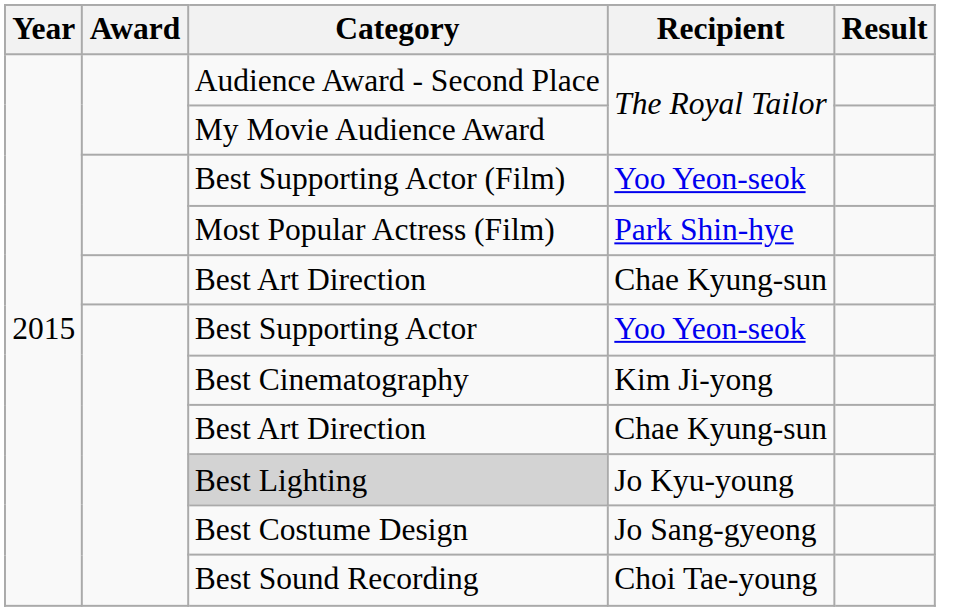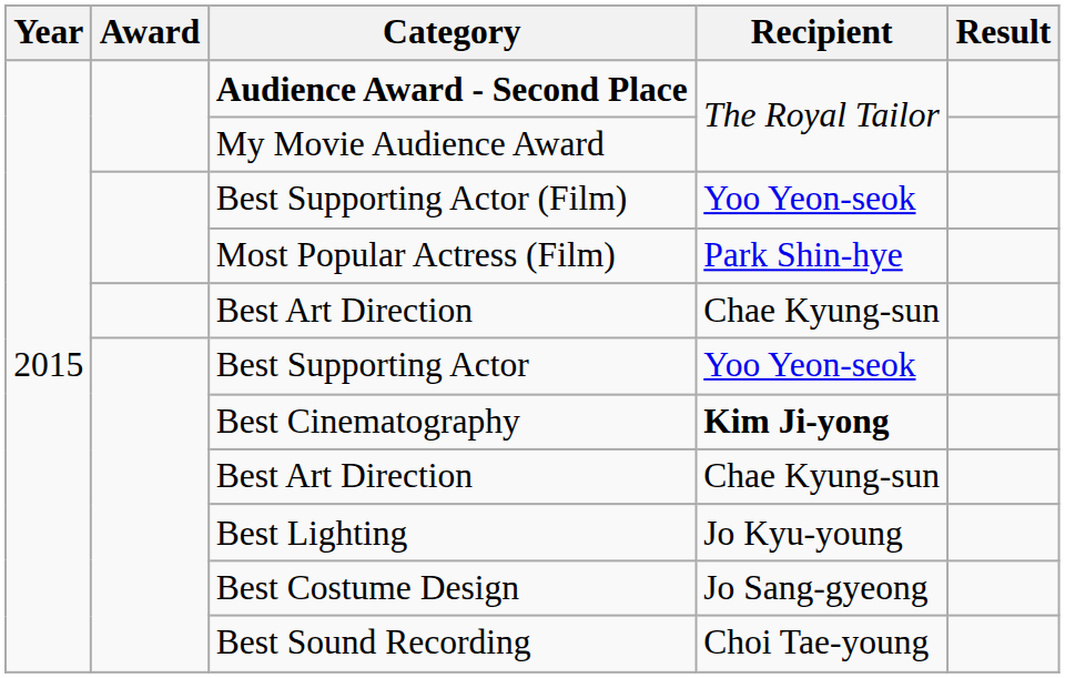 <table class="wikitable">
 <tr>
 <th>Year</th>
 <th>Award</th>
 <th>Category</th>
 <th>Recipient</th>
 <th>Result</th>
 </tr>
 <tr>
 <td rowspan=11>2015</td>
 <td rowspan=2></td>
-<td>Audience Award - Second Place</td>
+<td><strong>Audience Award - Second Place</strong></td>
 <td rowspan=2><em>The Royal Tailor</em></td>
 <td></td>
 </tr>
 <tr>
 <td>My Movie Audience Award</td>
 <td></td>
 </tr>
 <tr>
 <td rowspan=2></td>
 <td>Best Supporting Actor (Film)</td>
 <td><a href='#'>Yoo Yeon-seok</a></td>
 <td></td>
 </tr>
 <tr>
 <td>Most Popular Actress (Film)</td>
 <td><a href='#'>Park Shin-hye</a></td>
 <td></td>
 </tr>
 <tr>
 <td></td>
 <td>Best Art Direction</td>
 <td>Chae Kyung-sun</td>
 <td></td>
 </tr>
 <tr>
 <td rowspan=6></td>
 <td>Best Supporting Actor</td>
 <td><a href='#'>Yoo Yeon-seok</a></td>
 <td></td>
 </tr>
 <tr>
 <td>Best Cinematography</td>
-<td>Kim Ji-yong</td>
+<td><strong>Kim Ji-yong</strong></td>
 <td></td>
 </tr>
 <tr>
 <td>Best Art Direction</td>
 <td>Chae Kyung-sun</td>
 <td></td>
 </tr>
 <tr>
-<td style="background: lightgrey;">Best Lighting</td>
+<td>Best Lighting</td>
 <td>Jo Kyu-young</td>
 <td></td>
 </tr>
 <tr>
 <td>Best Costume Design</td>
 <td>Jo Sang-gyeong</td>
 <td></td>
 </tr>
 <tr>
 <td>Best Sound Recording</td>
 <td>Choi Tae-young</td>
 <td></td>
 </tr>
 </table>
